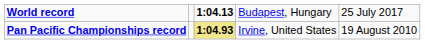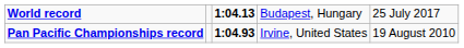 <table class="wikitable">
 <tr>
 <td><strong><a href='#'>World record</a></strong></td>
 <td></td>
 <td><strong>1:04.13</strong></td>
 <td><a href='#'>Budapest</a>, Hungary</td>
 <td>25 July 2017</td>
 </tr>
 <tr>
 <td><strong><a href='#'>Pan Pacific Championships record</a></strong></td>
 <td></td>
-<td style="background: khaki;"><strong>1:04.93</strong></td>
+<td><strong>1:04.93</strong></td>
 <td><a href='#'>Irvine</a>, United States</td>
 <td>19 August 2010</td>
 </tr>
 </table>
